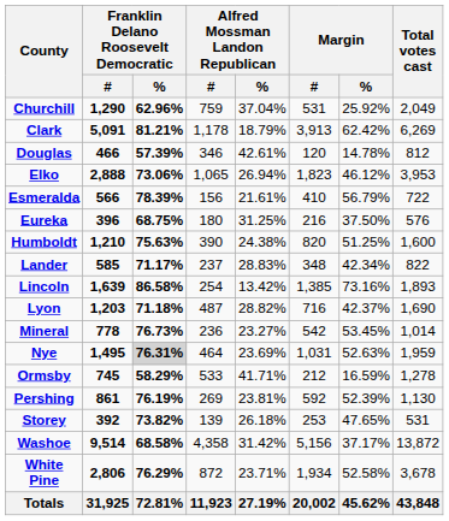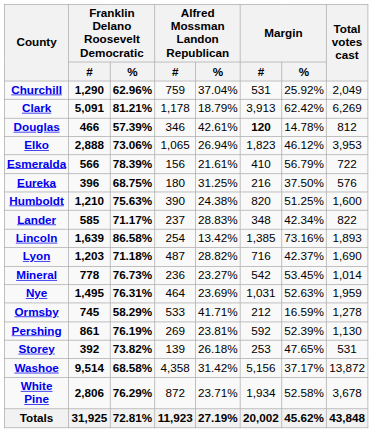 <table width="60%"  class="wikitable sortable" style="text-align:center">
 <tr>
 <th rowspan="2" style="text-align:center;">County</th>
 <th colspan="2" style="text-align:center;">Franklin Delano Roosevelt<br>Democratic</th>
 <th colspan="2" style="text-align:center;">Alfred Mossman Landon<br>Republican</th>
 <th style="text-align:center;" colspan="2">Margin</th>
 <th rowspan="2" style="text-align:center;">Total votes cast</th>
 </tr>
 <tr>
 <th style="text-align:center;" data-sort-type="number">#</th>
 <th style="text-align:center;" data-sort-type="number">%</th>
 <th style="text-align:center;" data-sort-type="number">#</th>
 <th style="text-align:center;" data-sort-type="number">%</th>
 <th style="text-align:center;" data-sort-type="number">#</th>
 <th style="text-align:center;" data-sort-type="number">%</th>
 </tr>
 <tr style="text-align:center;">
 <td><strong><a href='#'>Churchill</a></strong></td>
 <td><strong>1,290</strong></td>
 <td><strong>62.96%</strong></td>
 <td>759</td>
 <td>37.04%</td>
 <td>531</td>
 <td>25.92%</td>
 <td>2,049</td>
 </tr>
 <tr style="text-align:center;">
 <td><strong><a href='#'>Clark</a></strong></td>
 <td><strong>5,091</strong></td>
 <td><strong>81.21%</strong></td>
 <td>1,178</td>
 <td>18.79%</td>
 <td>3,913</td>
 <td>62.42%</td>
 <td>6,269</td>
 </tr>
 <tr style="text-align:center;">
 <td><strong><a href='#'>Douglas</a></strong></td>
 <td><strong>466</strong></td>
 <td><strong>57.39%</strong></td>
 <td>346</td>
 <td>42.61%</td>
-<td>120</td>
+<td><strong>120</strong></td>
 <td>14.78%</td>
 <td>812</td>
 </tr>
 <tr style="text-align:center;">
 <td><strong><a href='#'>Elko</a></strong></td>
 <td><strong>2,888</strong></td>
 <td><strong>73.06%</strong></td>
 <td>1,065</td>
 <td>26.94%</td>
 <td>1,823</td>
 <td>46.12%</td>
 <td>3,953</td>
 </tr>
 <tr style="text-align:center;">
 <td><strong><a href='#'>Esmeralda</a></strong></td>
 <td><strong>566</strong></td>
 <td><strong>78.39%</strong></td>
 <td>156</td>
 <td>21.61%</td>
 <td>410</td>
 <td>56.79%</td>
 <td>722</td>
 </tr>
 <tr style="text-align:center;">
 <td><strong><a href='#'>Eureka</a></strong></td>
 <td><strong>396</strong></td>
 <td><strong>68.75%</strong></td>
 <td>180</td>
 <td>31.25%</td>
 <td>216</td>
 <td>37.50%</td>
 <td>576</td>
 </tr>
 <tr style="text-align:center;">
 <td><strong><a href='#'>Humboldt</a></strong></td>
 <td><strong>1,210</strong></td>
 <td><strong>75.63%</strong></td>
 <td>390</td>
 <td>24.38%</td>
 <td>820</td>
 <td>51.25%</td>
 <td>1,600</td>
 </tr>
 <tr style="text-align:center;">
 <td><strong><a href='#'>Lander</a></strong></td>
 <td><strong>585</strong></td>
 <td><strong>71.17%</strong></td>
 <td>237</td>
 <td>28.83%</td>
 <td>348</td>
 <td>42.34%</td>
 <td>822</td>
 </tr>
 <tr style="text-align:center;">
 <td><strong><a href='#'>Lincoln</a></strong></td>
 <td><strong>1,639</strong></td>
 <td><strong>86.58%</strong></td>
 <td>254</td>
 <td>13.42%</td>
 <td>1,385</td>
 <td>73.16%</td>
 <td>1,893</td>
 </tr>
 <tr style="text-align:center;">
 <td><strong><a href='#'>Lyon</a></strong></td>
 <td><strong>1,203</strong></td>
 <td><strong>71.18%</strong></td>
 <td>487</td>
 <td>28.82%</td>
 <td>716</td>
 <td>42.37%</td>
 <td>1,690</td>
 </tr>
 <tr style="text-align:center;">
 <td><strong><a href='#'>Mineral</a></strong></td>
 <td><strong>778</strong></td>
 <td><strong>76.73%</strong></td>
 <td>236</td>
 <td>23.27%</td>
 <td>542</td>
 <td>53.45%</td>
 <td>1,014</td>
 </tr>
 <tr style="text-align:center;">
 <td><strong><a href='#'>Nye</a></strong></td>
 <td><strong>1,495</strong></td>
-<td style="background: lightgrey;"><strong>76.31%</strong></td>
+<td><strong>76.31%</strong></td>
 <td>464</td>
 <td>23.69%</td>
 <td>1,031</td>
 <td>52.63%</td>
 <td>1,959</td>
 </tr>
 <tr style="text-align:center;">
 <td><strong><a href='#'>Ormsby</a></strong></td>
 <td><strong>745</strong></td>
 <td><strong>58.29%</strong></td>
 <td>533</td>
 <td>41.71%</td>
 <td>212</td>
 <td>16.59%</td>
 <td>1,278</td>
 </tr>
 <tr style="text-align:center;">
 <td><strong><a href='#'>Pershing</a></strong></td>
 <td><strong>861</strong></td>
 <td><strong>76.19%</strong></td>
 <td>269</td>
 <td>23.81%</td>
 <td>592</td>
 <td>52.39%</td>
 <td>1,130</td>
 </tr>
 <tr style="text-align:center;">
 <td><strong><a href='#'>Storey</a></strong></td>
 <td><strong>392</strong></td>
 <td><strong>73.82%</strong></td>
 <td>139</td>
 <td>26.18%</td>
 <td>253</td>
 <td>47.65%</td>
 <td>531</td>
 </tr>
 <tr style="text-align:center;">
 <td><strong><a href='#'>Washoe</a></strong></td>
 <td><strong>9,514</strong></td>
 <td><strong>68.58%</strong></td>
 <td>4,358</td>
 <td>31.42%</td>
 <td>5,156</td>
 <td>37.17%</td>
 <td>13,872</td>
 </tr>
 <tr style="text-align:center;">
 <td><strong><a href='#'>White Pine</a></strong></td>
 <td><strong>2,806</strong></td>
 <td><strong>76.29%</strong></td>
 <td>872</td>
 <td>23.71%</td>
 <td>1,934</td>
 <td>52.58%</td>
 <td>3,678</td>
 </tr>
 <tr style="text-align:center;">
 <th>Totals</th>
 <th>31,925</th>
 <th>72.81%</th>
 <th>11,923</th>
 <th>27.19%</th>
 <th>20,002</th>
 <th>45.62%</th>
 <th>43,848</th>
 </tr>
 </table>
